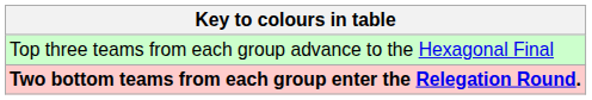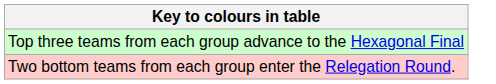 <table class="wikitable">
 <tr>
 <th>Key to colours in table</th>
 </tr>
 <tr bgcolor=#ccffcc>
 <td>Top three teams from each group advance to the <a href='#'>Hexagonal Final</a></td>
 </tr>
 <tr bgcolor=#FFCCCC>
-<td><strong>Two bottom teams from each group enter the <a href='#'>Relegation Round</a>.</strong></td>
+<td>Two bottom teams from each group enter the <a href='#'>Relegation Round</a>.</td>
 </tr>
 </table>
